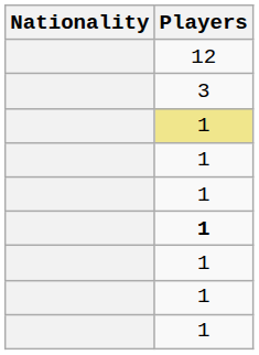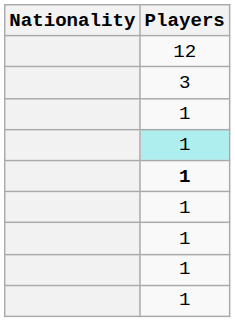 <table class="wikitable sortable plainrowheaders" style="text-align:center;">
 <tr>
 <th scope="col">Nationality</th>
 <th scope="col">Players</th>
 </tr>
 <tr>
 <th scope="row"></th>
 <td>12</td>
 </tr>
 <tr>
 <th scope="row"></th>
 <td>3</td>
 </tr>
 <tr>
 <th scope="row"></th>
-<td style="background: khaki;">1</td>
-</tr>
-<tr>
-<th scope="row"></th>
 <td>1</td>
 </tr>
 <tr>
 <th scope="row"></th>
-<td>1</td>
+<td style="background: paleturquoise;">1</td>
 </tr>
 <tr>
 <th scope="row"></th>
 <td><strong>1</strong></td>
 </tr>
 <tr>
 <th scope="row"></th>
 <td>1</td>
 </tr>
 <tr>
 <th scope="row"></th>
 <td>1</td>
 </tr>
 <tr>
 <th scope="row"></th>
 <td>1</td>
 </tr>
+<tr>
+<th scope="row"></th>
+<td>1</td>
+</tr>
 </table>
